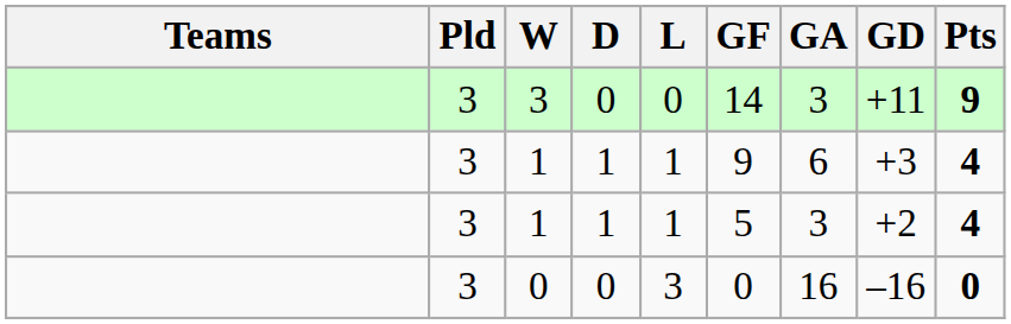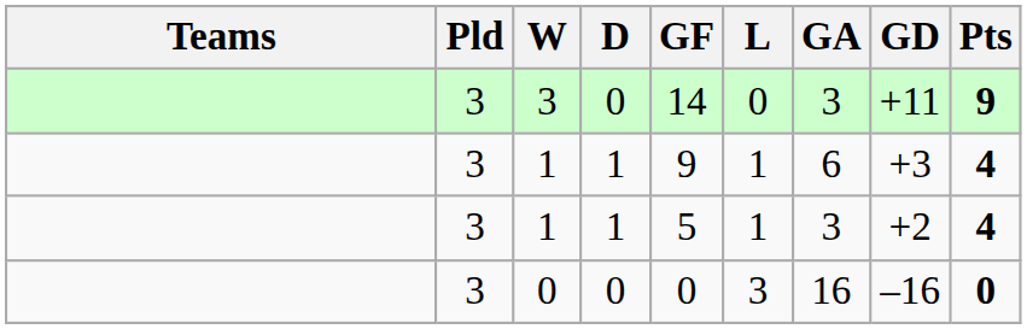 <table class="wikitable" style="text-align: center;">
 <tr>
 <th width=165>Teams</th>
 <th width=20>Pld</th>
 <th width=20>W</th>
 <th width=20>D</th>
+<th width=20>GF</th>
 <th width=20>L</th>
-<th width=20>GF</th>
 <th width=20>GA</th>
 <th width=20>GD</th>
 <th width=20>Pts</th>
 </tr>
 <tr align=center style="background:#ccffcc;">
 <td style="text-align:left;"></td>
 <td>3</td>
 <td>3</td>
 <td>0</td>
+<td>14</td>
 <td>0</td>
-<td>14</td>
 <td>3</td>
 <td>+11</td>
 <td><strong>9</strong></td>
 </tr>
 <tr align=center>
 <td style="text-align:left;"></td>
 <td>3</td>
 <td>1</td>
 <td>1</td>
+<td>9</td>
 <td>1</td>
-<td>9</td>
 <td>6</td>
 <td>+3</td>
 <td><strong>4</strong></td>
 </tr>
 <tr align=center>
 <td style="text-align:left;"></td>
 <td>3</td>
 <td>1</td>
 <td>1</td>
+<td>5</td>
 <td>1</td>
-<td>5</td>
 <td>3</td>
 <td>+2</td>
 <td><strong>4</strong></td>
 </tr>
 <tr align=center>
 <td style="text-align:left;"></td>
 <td>3</td>
 <td>0</td>
 <td>0</td>
+<td>0</td>
 <td>3</td>
-<td>0</td>
 <td>16</td>
 <td>–16</td>
 <td><strong>0</strong></td>
 </tr>
 </table>
